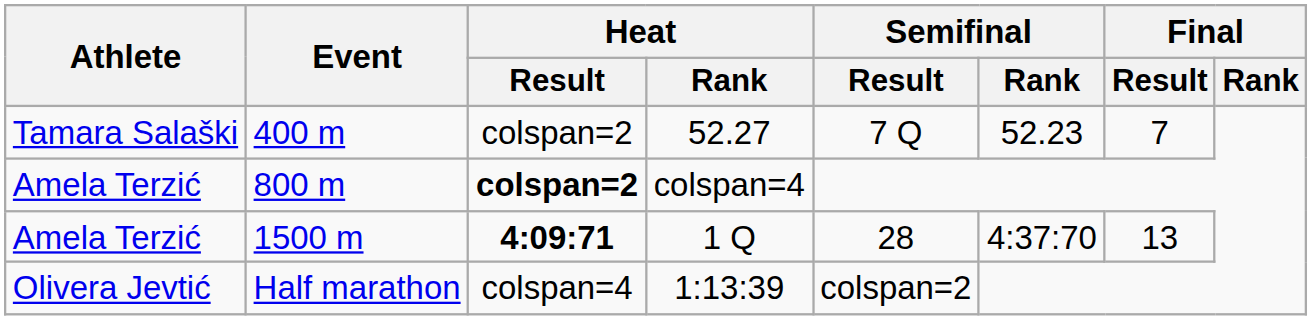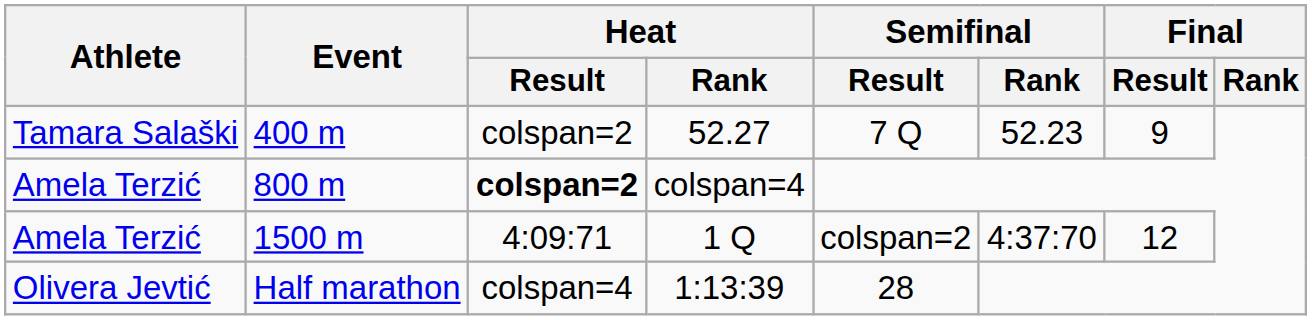 <table class="wikitable" style="font-size:90%">
 <tr>
 <th rowspan=2>Athlete</th>
 <th rowspan=2>Event</th>
 <th colspan=2>Heat</th>
 <th colspan=2>Semifinal</th>
 <th colspan=2>Final</th>
 </tr>
 <tr style="font-size:95%">
 <th>Result</th>
 <th>Rank</th>
 <th>Result</th>
 <th>Rank</th>
 <th>Result</th>
 <th>Rank</th>
 </tr>
 <tr align=center>
 <td align=left><a href='#'>Tamara Salaški</a></td>
 <td style="text-align:left;"><a href='#'>400 m</a></td>
 <td>colspan=2 </td>
 <td>52.27</td>
 <td>7 Q</td>
 <td>52.23</td>
-<td>7</td>
+<td>9</td>
 </tr>
 <tr align=center>
 <td align=left><a href='#'>Amela Terzić</a></td>
 <td style="text-align:left;"><a href='#'>800 m</a></td>
 <td><strong>colspan=2 </strong></td>
 <td>colspan=4 </td>
 </tr>
 <tr align=center>
 <td align=left><a href='#'>Amela Terzić</a></td>
 <td style="text-align:left;"><a href='#'>1500 m</a></td>
-<td><strong>4:09:71</strong></td>
+<td>4:09:71</td>
 <td>1 Q</td>
-<td>28</td>
+<td>colspan=2 </td>
 <td>4:37:70</td>
-<td>13</td>
+<td>12</td>
 </tr>
 <tr align=center>
 <td align=left><a href='#'>Olivera Jevtić</a></td>
 <td style="text-align:left;"><a href='#'>Half marathon</a></td>
 <td>colspan=4 </td>
 <td>1:13:39</td>
-<td>colspan=2 </td>
+<td>28</td>
 </tr>
 </table>
